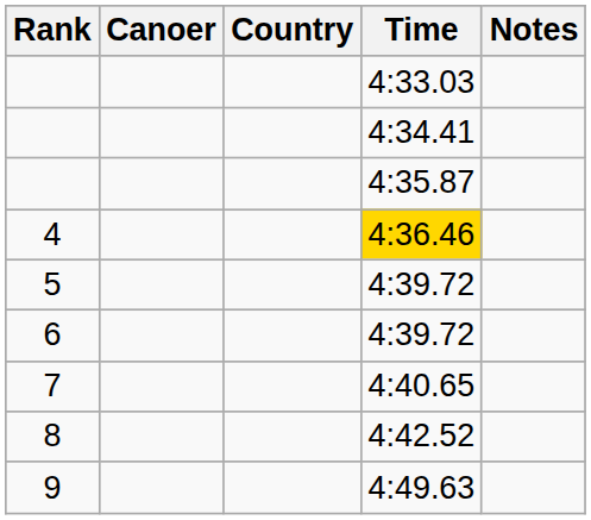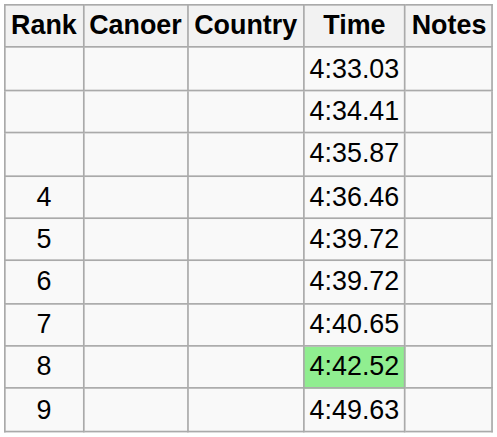 <table class="wikitable sortable" style="text-align:center">
 <tr>
 <th>Rank</th>
 <th>Canoer</th>
 <th>Country</th>
 <th>Time</th>
 <th>Notes</th>
 </tr>
 <tr>
 <td></td>
 <td align=left></td>
 <td align=left></td>
 <td>4:33.03</td>
 <td></td>
 </tr>
 <tr>
 <td></td>
 <td align=left></td>
 <td align=left></td>
 <td>4:34.41</td>
 <td></td>
 </tr>
 <tr>
 <td></td>
 <td align=left></td>
 <td align=left></td>
 <td>4:35.87</td>
 <td></td>
 </tr>
 <tr>
 <td>4</td>
 <td align=left></td>
 <td align=left></td>
-<td style="background: gold;">4:36.46</td>
+<td>4:36.46</td>
 <td></td>
 </tr>
 <tr>
 <td>5</td>
 <td align=left></td>
 <td align=left></td>
 <td>4:39.72</td>
 <td></td>
 </tr>
 <tr>
 <td>6</td>
 <td align=left></td>
 <td align=left></td>
 <td>4:39.72</td>
 <td></td>
 </tr>
 <tr>
 <td>7</td>
 <td align=left></td>
 <td align=left></td>
 <td>4:40.65</td>
 <td></td>
 </tr>
 <tr>
 <td>8</td>
 <td align=left></td>
 <td align=left></td>
-<td>4:42.52</td>
+<td style="background: lightgreen;">4:42.52</td>
 <td></td>
 </tr>
 <tr>
 <td>9</td>
 <td align=left></td>
 <td align=left></td>
 <td>4:49.63</td>
 </tr>
 </table>
